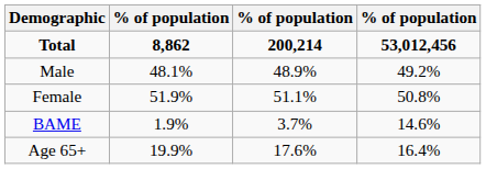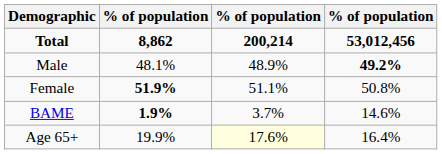 <table class="wikitable sortable" style="text-align: center">
 <tr>
 <th>Demographic</th>
 <th><strong>% of population</strong><br></th>
 <th>% of population<br></th>
 <th><strong>% of population<br></strong></th>
 </tr>
 <tr>
 <td><strong>Total</strong></td>
 <td><strong>8,862</strong></td>
 <td><strong>200,214</strong></td>
 <td><strong>53,012,456</strong></td>
 </tr>
 <tr>
 <td>Male</td>
 <td>48.1%</td>
 <td>48.9%</td>
-<td>49.2%</td>
+<td><strong>49.2%</strong></td>
 </tr>
 <tr>
 <td>Female</td>
-<td>51.9%</td>
+<td><strong>51.9%</strong></td>
 <td>51.1%</td>
 <td>50.8%</td>
 </tr>
 <tr>
 <td><a href='#'>BAME</a></td>
-<td>1.9%</td>
+<td><strong>1.9%</strong></td>
 <td>3.7%</td>
 <td>14.6%</td>
 </tr>
 <tr>
 <td>Age 65+</td>
 <td>19.9%</td>
-<td>17.6%</td>
+<td style="background: lightyellow;">17.6%</td>
 <td>16.4%</td>
 </tr>
 </table>
